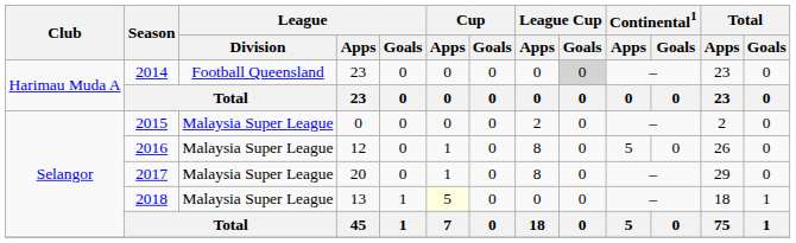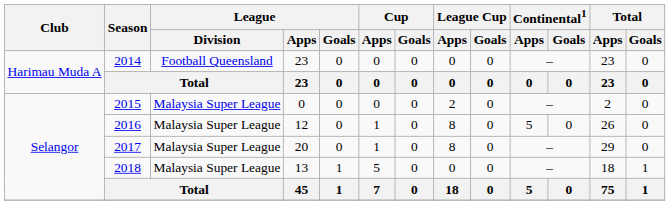 <table class=wikitable style="text-align:center">
 <tr>
 <th rowspan=2>Club</th>
 <th rowspan=2>Season</th>
 <th colspan=3>League</th>
 <th colspan=2>Cup</th>
 <th colspan=2>League Cup</th>
 <th colspan=2>Continental<sup>1</sup></th>
 <th colspan=2>Total</th>
 </tr>
 <tr>
 <th>Division</th>
 <th>Apps</th>
 <th>Goals</th>
 <th>Apps</th>
 <th>Goals</th>
 <th>Apps</th>
 <th>Goals</th>
 <th>Apps</th>
 <th>Goals</th>
 <th>Apps</th>
 <th>Goals</th>
 </tr>
 <tr>
 <td rowspan=2><a href='#'>Harimau Muda A</a></td>
 <td><a href='#'>2014</a></td>
 <td><a href='#'>Football Queensland</a></td>
 <td>23</td>
 <td>0</td>
 <td>0</td>
 <td>0</td>
 <td>0</td>
-<td style="background: lightgrey;">0</td>
+<td>0</td>
 <td colspan=2>–</td>
 <td>23</td>
 <td>0</td>
 </tr>
 <tr>
 <th colspan="2">Total</th>
 <th>23</th>
 <th>0</th>
 <th>0</th>
 <th>0</th>
 <th>0</th>
 <th>0</th>
 <th>0</th>
 <th>0</th>
 <th>23</th>
 <th>0</th>
 </tr>
 <tr>
 <td rowspan=5><a href='#'>Selangor</a></td>
 <td><a href='#'>2015</a></td>
 <td><a href='#'>Malaysia Super League</a></td>
 <td>0</td>
 <td>0</td>
 <td>0</td>
 <td>0</td>
 <td>2</td>
 <td>0</td>
 <td colspan=2>–</td>
 <td>2</td>
 <td>0</td>
 </tr>
 <tr>
 <td><a href='#'>2016</a></td>
 <td>Malaysia Super League</td>
 <td>12</td>
 <td>0</td>
 <td>1</td>
 <td>0</td>
 <td>8</td>
 <td>0</td>
 <td>5</td>
 <td>0</td>
 <td>26</td>
 <td>0</td>
 </tr>
 <tr>
 <td><a href='#'>2017</a></td>
 <td>Malaysia Super League</td>
 <td>20</td>
 <td>0</td>
 <td>1</td>
 <td>0</td>
 <td>8</td>
 <td>0</td>
 <td colspan=2>–</td>
 <td>29</td>
 <td>0</td>
 </tr>
 <tr>
 <td><a href='#'>2018</a></td>
 <td>Malaysia Super League</td>
 <td>13</td>
 <td>1</td>
-<td style="background: lightyellow;">5</td>
+<td>5</td>
 <td>0</td>
 <td>0</td>
 <td>0</td>
 <td colspan=2>–</td>
 <td>18</td>
 <td>1</td>
 </tr>
 <tr>
 <th colspan="2">Total</th>
 <th>45</th>
 <th>1</th>
 <th>7</th>
 <th>0</th>
 <th>18</th>
 <th>0</th>
 <th>5</th>
 <th>0</th>
 <th>75</th>
 <th>1</th>
 </tr>
 <tr>
 </tr>
 </table>
